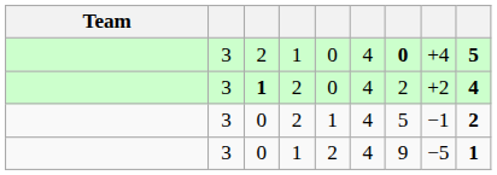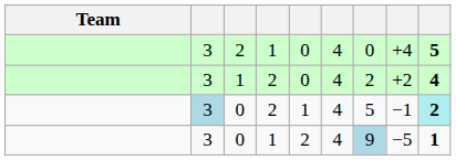 <table class="wikitable" style="text-align:center;">
 <tr>
 <th width=150>Team</th>
 <th width=20></th>
 <th width=20></th>
 <th width=20></th>
 <th width=20></th>
 <th width=20></th>
 <th width=20></th>
 <th width=20></th>
 <th width=20></th>
 </tr>
 <tr bgcolor=#ccffcc>
 <td align=left></td>
 <td>3</td>
 <td>2</td>
 <td>1</td>
 <td>0</td>
 <td>4</td>
-<td><strong>0</strong></td>
+<td>0</td>
 <td>+4</td>
 <td><strong>5</strong></td>
 </tr>
 <tr bgcolor=#ccffcc>
 <td align=left></td>
 <td>3</td>
-<td><strong>1</strong></td>
+<td>1</td>
 <td>2</td>
 <td>0</td>
 <td>4</td>
 <td>2</td>
 <td>+2</td>
 <td><strong>4</strong></td>
 </tr>
 <tr>
 <td align=left></td>
-<td>3</td>
+<td style="background: lightblue;">3</td>
 <td>0</td>
 <td>2</td>
 <td>1</td>
 <td>4</td>
 <td>5</td>
 <td>−1</td>
-<td><strong>2</strong></td>
+<td style="background: paleturquoise;"><strong>2</strong></td>
 </tr>
 <tr>
 <td align=left></td>
 <td>3</td>
 <td>0</td>
 <td>1</td>
 <td>2</td>
 <td>4</td>
-<td>9</td>
+<td style="background: lightblue;">9</td>
 <td>−5</td>
 <td><strong>1</strong></td>
 </tr>
 </table>
